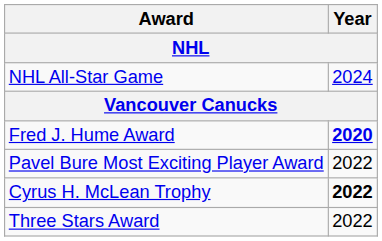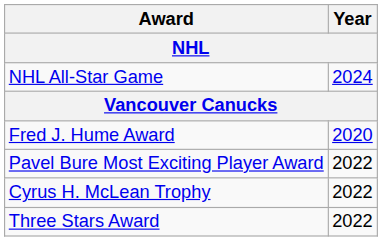 <table class="wikitable">
 <tr>
 <th>Award</th>
 <th>Year</th>
 </tr>
 <tr>
 <th colspan="3"><a href='#'>NHL</a></th>
 </tr>
 <tr>
 <td><a href='#'>NHL All-Star Game</a></td>
 <td><a href='#'>2024</a></td>
 </tr>
 <tr>
 <th colspan="3"><a href='#'>Vancouver Canucks</a></th>
 </tr>
 <tr>
 <td><a href='#'>Fred J. Hume Award</a></td>
-<td><strong><a href='#'>2020</a></strong></td>
+<td><a href='#'>2020</a></td>
 </tr>
 <tr>
 <td><a href='#'>Pavel Bure Most Exciting Player Award</a></td>
 <td>2022</td>
 </tr>
 <tr>
 <td><a href='#'>Cyrus H. McLean Trophy</a></td>
-<td><strong>2022</strong></td>
+<td>2022</td>
 </tr>
 <tr>
 <td><a href='#'>Three Stars Award</a></td>
 <td>2022</td>
 </tr>
 </table>
